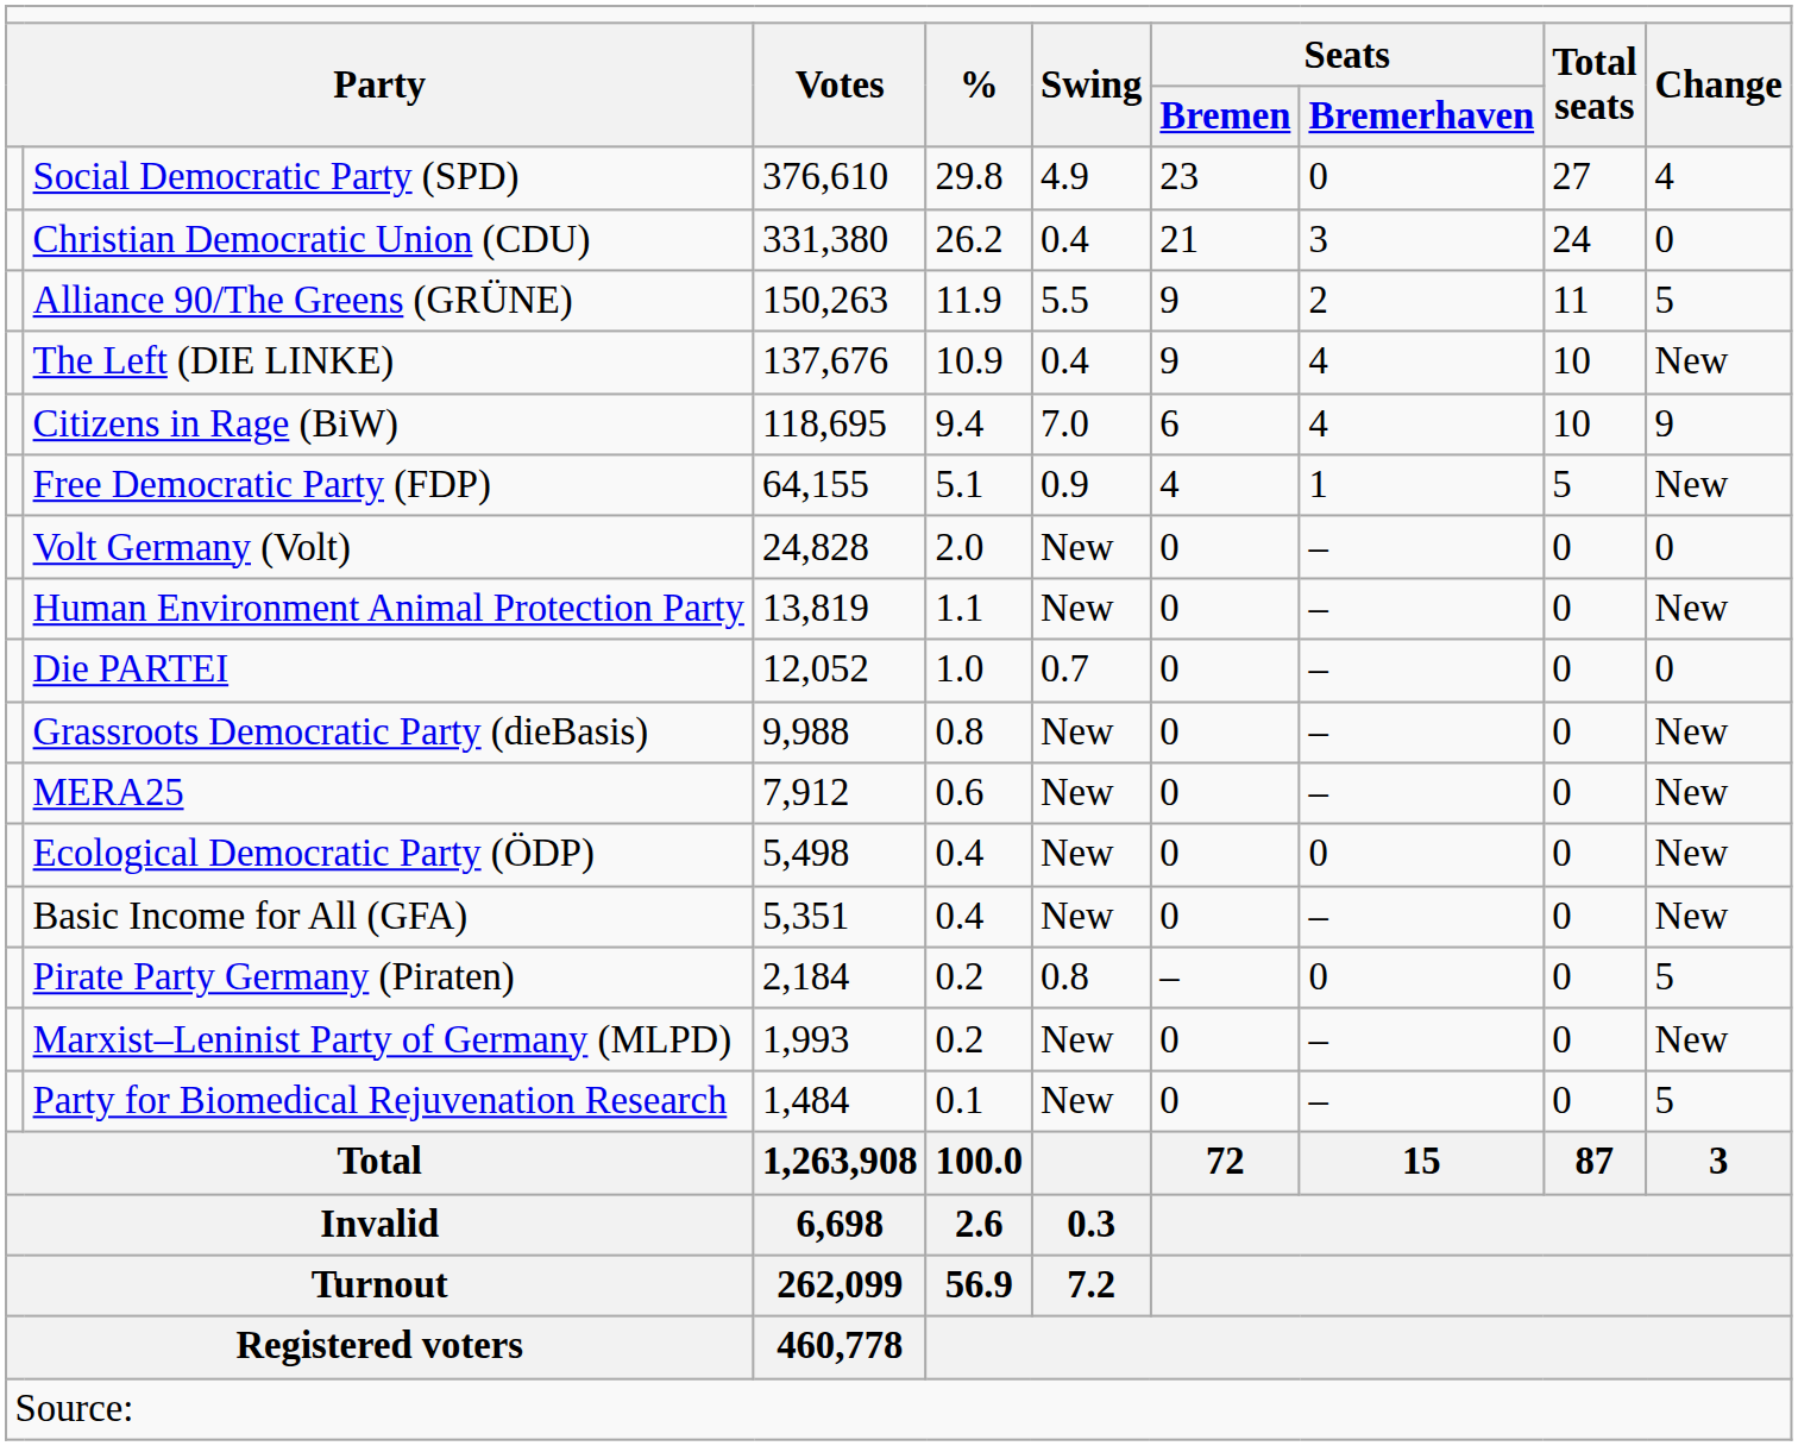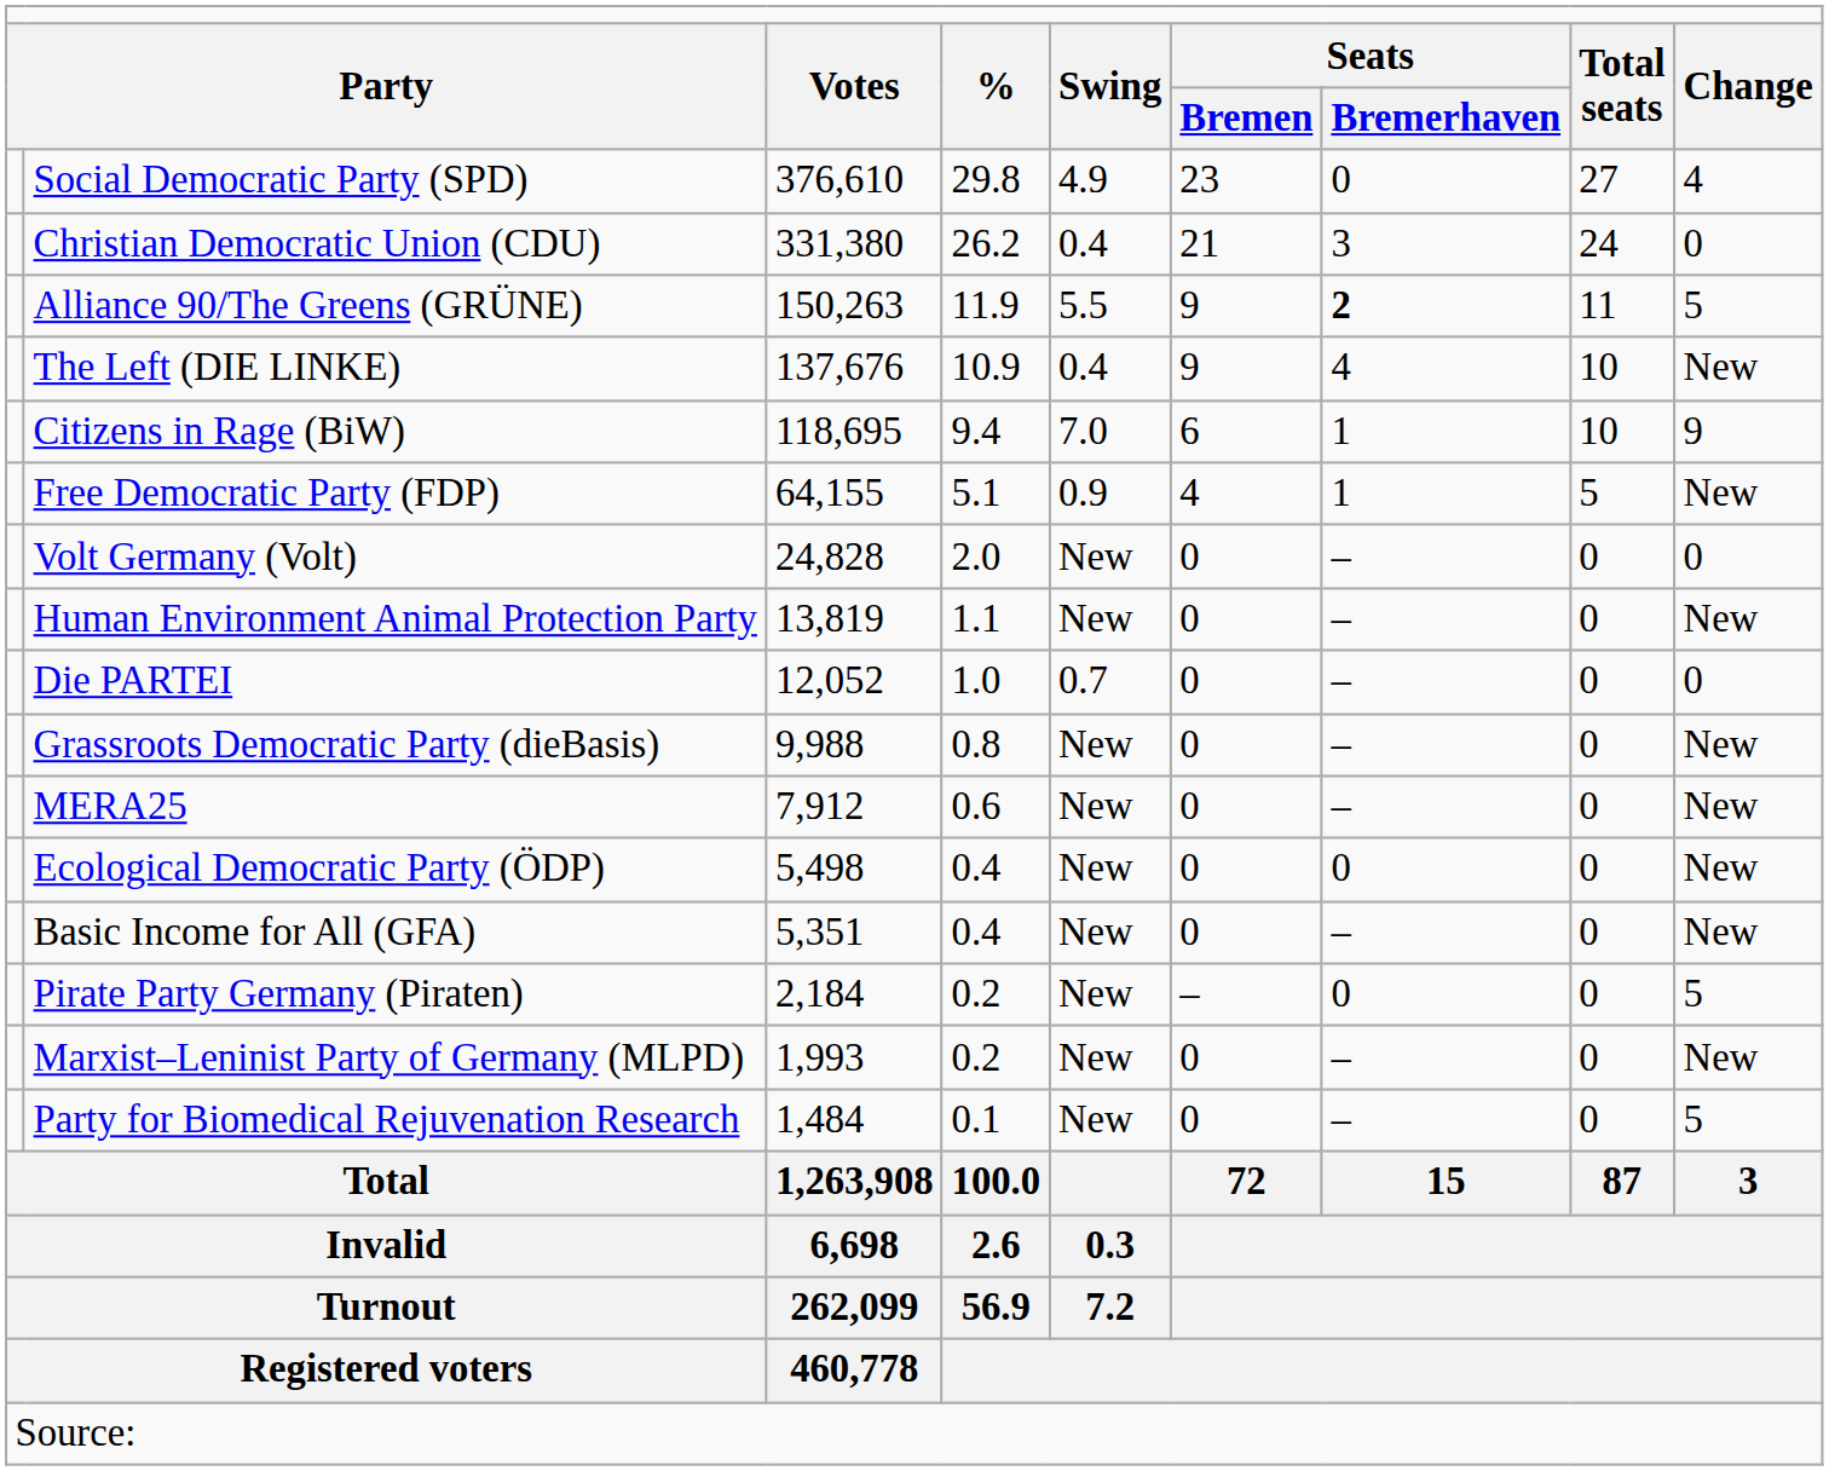 <table class="wikitable">
 <tr>
 <td colspan="9" align="center"></td>
 </tr>
 <tr>
 <th colspan="2" rowspan="2">Party</th>
 <th rowspan="2">Votes</th>
 <th rowspan="2">%</th>
 <th rowspan="2">Swing</th>
 <th colspan="2">Seats</th>
 <th rowspan="2">Total<br>seats</th>
 <th rowspan="2">Change</th>
 </tr>
 <tr>
 <th><a href='#'>Bremen</a></th>
 <th><a href='#'>Bremerhaven</a></th>
 </tr>
 <tr>
 <td></td>
 <td align="left"><a href='#'>Social Democratic Party</a> (SPD)</td>
 <td>376,610</td>
 <td>29.8</td>
 <td> 4.9</td>
 <td>23</td>
 <td>0</td>
 <td>27</td>
 <td> 4</td>
 </tr>
 <tr>
 <td></td>
 <td align="left"><a href='#'>Christian Democratic Union</a> (CDU)</td>
 <td>331,380</td>
 <td>26.2</td>
 <td> 0.4</td>
 <td>21</td>
 <td>3</td>
 <td>24</td>
 <td> 0</td>
 </tr>
 <tr>
 <td></td>
 <td align="left"><a href='#'>Alliance 90/The Greens</a> (GRÜNE)</td>
 <td>150,263</td>
 <td>11.9</td>
 <td> 5.5</td>
 <td>9</td>
-<td>2</td>
+<td><strong>2</strong></td>
 <td>11</td>
 <td> 5</td>
 </tr>
 <tr>
 <td></td>
 <td align="left"><a href='#'>The Left</a> (DIE LINKE)</td>
 <td>137,676</td>
 <td>10.9</td>
 <td> 0.4</td>
 <td>9</td>
 <td>4</td>
 <td>10</td>
 <td>New</td>
 </tr>
 <tr>
 <td></td>
 <td align="left"><a href='#'>Citizens in Rage</a> (BiW)</td>
 <td>118,695</td>
 <td>9.4</td>
 <td> 7.0</td>
 <td>6</td>
-<td>4</td>
+<td>1</td>
 <td>10</td>
 <td> 9</td>
 </tr>
 <tr>
 <td></td>
 <td align="left"><a href='#'>Free Democratic Party</a> (FDP)</td>
 <td>64,155</td>
 <td>5.1</td>
 <td> 0.9</td>
 <td>4</td>
 <td>1</td>
 <td>5</td>
 <td>New</td>
 </tr>
 <tr>
 <td></td>
 <td align="left"><a href='#'>Volt Germany</a> (Volt)</td>
 <td>24,828</td>
 <td>2.0</td>
 <td>New</td>
 <td>0</td>
 <td>–</td>
 <td>0</td>
 <td> 0</td>
 </tr>
 <tr>
 <td></td>
 <td align="left"><a href='#'>Human Environment Animal Protection Party</a></td>
 <td>13,819</td>
 <td>1.1</td>
 <td>New</td>
 <td>0</td>
 <td>–</td>
 <td>0</td>
 <td>New</td>
 </tr>
 <tr>
 <td></td>
 <td align="left"><a href='#'>Die PARTEI</a></td>
 <td>12,052</td>
 <td>1.0</td>
 <td> 0.7</td>
 <td>0</td>
 <td>–</td>
 <td>0</td>
 <td> 0</td>
 </tr>
 <tr>
 <td></td>
 <td align="left"><a href='#'>Grassroots Democratic Party</a> (dieBasis)</td>
 <td>9,988</td>
 <td>0.8</td>
 <td>New</td>
 <td>0</td>
 <td>–</td>
 <td>0</td>
 <td>New</td>
 </tr>
 <tr>
 <td></td>
 <td align="left"><a href='#'>MERA25</a></td>
 <td>7,912</td>
 <td>0.6</td>
 <td>New</td>
 <td>0</td>
 <td>–</td>
 <td>0</td>
 <td>New</td>
 </tr>
 <tr>
 <td></td>
 <td align="left"><a href='#'>Ecological Democratic Party</a> (ÖDP)</td>
 <td>5,498</td>
 <td>0.4</td>
 <td>New</td>
 <td>0</td>
 <td>0</td>
 <td>0</td>
 <td>New</td>
 </tr>
 <tr>
 <td></td>
 <td align="left">Basic Income for All (GFA)</td>
 <td>5,351</td>
 <td>0.4</td>
 <td>New</td>
 <td>0</td>
 <td>–</td>
 <td>0</td>
 <td>New</td>
 </tr>
 <tr>
 <td></td>
 <td align="left"><a href='#'>Pirate Party Germany</a> (Piraten)</td>
 <td>2,184</td>
 <td>0.2</td>
-<td> 0.8</td>
+<td>New</td>
 <td>–</td>
 <td>0</td>
 <td>0</td>
 <td> 5</td>
 </tr>
 <tr>
 <td></td>
 <td align="left"><a href='#'>Marxist–Leninist Party of Germany</a> (MLPD)</td>
 <td>1,993</td>
 <td>0.2</td>
 <td>New</td>
 <td>0</td>
 <td>–</td>
 <td>0</td>
 <td>New</td>
 </tr>
 <tr>
 <td></td>
 <td align="left"><a href='#'>Party for Biomedical Rejuvenation Research</a></td>
 <td>1,484</td>
 <td>0.1</td>
 <td>New</td>
 <td>0</td>
 <td>–</td>
 <td>0</td>
 <td> 5</td>
 </tr>
 <tr>
 <th colspan="2">Total</th>
 <th>1,263,908</th>
 <th>100.0</th>
 <th></th>
 <th>72</th>
 <th>15</th>
 <th>87</th>
 <th> 3</th>
 </tr>
 <tr>
 <th colspan="2">Invalid</th>
 <th>6,698</th>
 <th>2.6</th>
 <th> 0.3</th>
 <th colspan="4"></th>
 </tr>
 <tr>
 <th colspan="2">Turnout</th>
 <th>262,099</th>
 <th>56.9</th>
 <th> 7.2</th>
 <th colspan="4"></th>
 </tr>
 <tr>
 <th colspan="2">Registered voters</th>
 <th>460,778</th>
 <th colspan="6"></th>
 </tr>
 <tr>
 <td colspan="9">Source: </td>
 </tr>
 </table>
